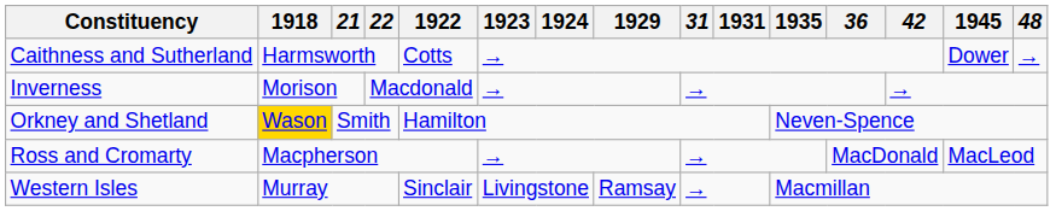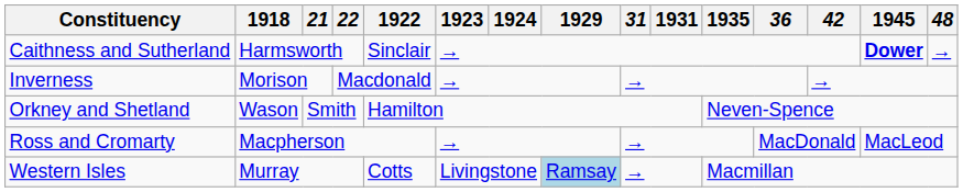 <table class="wikitable">
 <tr>
 <th>Constituency</th>
 <th>1918</th>
 <th><em>21</em></th>
 <th><em>22</em></th>
 <th>1922</th>
 <th>1923</th>
 <th>1924</th>
 <th>1929</th>
 <th><em>31</em></th>
 <th>1931</th>
 <th>1935</th>
 <th><em>36</em></th>
 <th><em>42</em></th>
 <th>1945</th>
 <th><em>48</em></th>
 </tr>
 <tr>
 <td><a href='#'>Caithness and Sutherland</a></td>
 <td colspan="3"><a href='#'>Harmsworth</a></td>
-<td><a href='#'>Cotts</a></td>
+<td><a href='#'>Sinclair</a></td>
 <td colspan="8"><a href='#'>→</a></td>
-<td><a href='#'>Dower</a></td>
+<td><strong><a href='#'>Dower</a></strong></td>
 <td><a href='#'>→</a></td>
 </tr>
 <tr>
 <td><a href='#'>Inverness</a></td>
 <td colspan="2"><a href='#'>Morison</a></td>
 <td colspan="2"><a href='#'>Macdonald</a></td>
 <td colspan="3"><a href='#'>→</a></td>
 <td colspan="4"><a href='#'>→</a></td>
 <td colspan="3"><a href='#'>→</a></td>
 </tr>
 <tr>
 <td><a href='#'>Orkney and Shetland</a></td>
-<td style="background: gold;"><a href='#'>Wason</a></td>
+<td><a href='#'>Wason</a></td>
 <td colspan="2"><a href='#'>Smith</a></td>
 <td colspan="6"><a href='#'>Hamilton</a></td>
 <td colspan="5"><a href='#'>Neven-Spence</a></td>
 </tr>
 <tr>
 <td><a href='#'>Ross and Cromarty</a></td>
 <td colspan="4"><a href='#'>Macpherson</a></td>
 <td colspan="3"><a href='#'>→</a></td>
 <td colspan="3"><a href='#'>→</a></td>
 <td colspan="2"><a href='#'>MacDonald</a></td>
 <td colspan="2"><a href='#'>MacLeod</a></td>
 </tr>
 <tr>
 <td><a href='#'>Western Isles</a></td>
 <td colspan="3"><a href='#'>Murray</a></td>
-<td><a href='#'>Sinclair</a></td>
+<td><a href='#'>Cotts</a></td>
 <td colspan="2"><a href='#'>Livingstone</a></td>
-<td><a href='#'>Ramsay</a></td>
+<td style="background: lightblue;"><a href='#'>Ramsay</a></td>
 <td colspan="2"><a href='#'>→</a></td>
 <td colspan="5"><a href='#'>Macmillan</a></td>
 </tr>
 </table>
